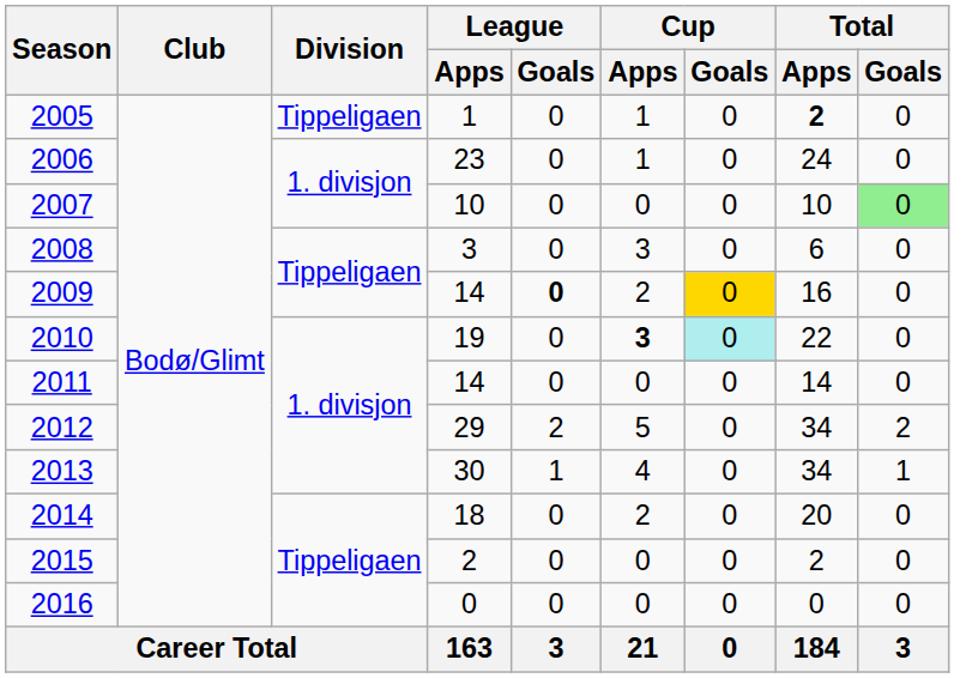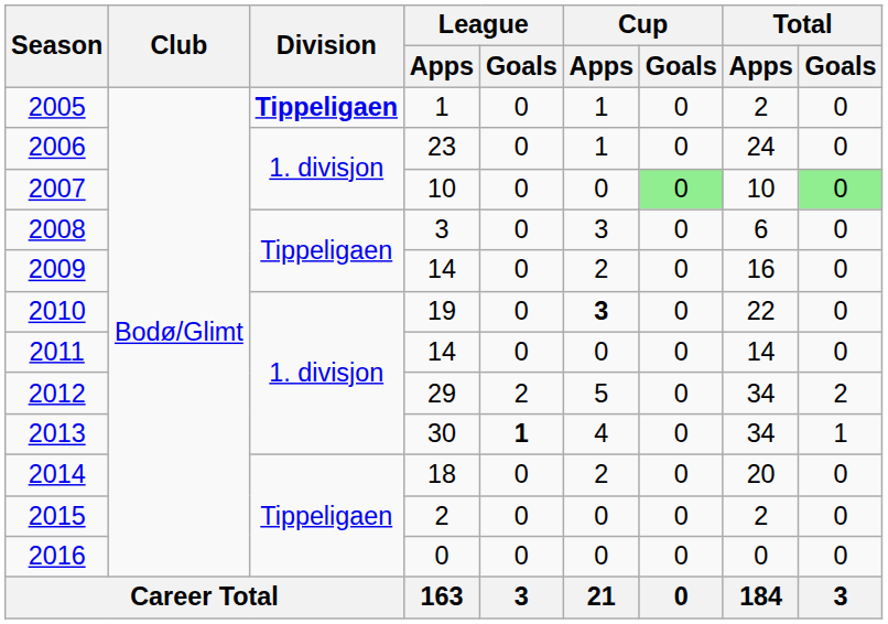 <table class="wikitable" style="text-align: center;">
 <tr>
 <th rowspan="2">Season</th>
 <th rowspan="2">Club</th>
 <th rowspan="2">Division</th>
 <th colspan="2">League</th>
 <th colspan="2">Cup</th>
 <th colspan="2">Total</th>
 </tr>
 <tr>
 <th>Apps</th>
 <th>Goals</th>
 <th>Apps</th>
 <th>Goals</th>
 <th>Apps</th>
 <th>Goals</th>
 </tr>
 <tr>
 <td><a href='#'>2005</a></td>
 <td rowspan="12" valign="center"><a href='#'>Bodø/Glimt</a></td>
-<td rowspan="1" valign="center"><a href='#'>Tippeligaen</a></td>
+<td rowspan="1" valign="center"><strong><a href='#'>Tippeligaen</a></strong></td>
 <td>1</td>
 <td>0</td>
 <td>1</td>
 <td>0</td>
-<td><strong>2</strong></td>
+<td>2</td>
 <td>0</td>
 </tr>
 <tr>
 <td><a href='#'>2006</a></td>
 <td rowspan="2" valign="center"><a href='#'>1. divisjon</a></td>
 <td>23</td>
 <td>0</td>
 <td>1</td>
 <td>0</td>
 <td>24</td>
 <td>0</td>
 </tr>
 <tr>
 <td><a href='#'>2007</a></td>
 <td>10</td>
 <td>0</td>
 <td>0</td>
-<td>0</td>
+<td style="background: lightgreen;">0</td>
 <td>10</td>
 <td style="background: lightgreen;">0</td>
 </tr>
 <tr>
 <td><a href='#'>2008</a></td>
 <td rowspan="2" valign="center"><a href='#'>Tippeligaen</a></td>
 <td>3</td>
 <td>0</td>
 <td>3</td>
 <td>0</td>
 <td>6</td>
 <td>0</td>
 </tr>
 <tr>
 <td><a href='#'>2009</a></td>
 <td>14</td>
-<td><strong>0</strong></td>
+<td>0</td>
 <td>2</td>
-<td style="background: gold;">0</td>
+<td>0</td>
 <td>16</td>
 <td>0</td>
 </tr>
 <tr>
 <td><a href='#'>2010</a></td>
 <td rowspan="4" valign="center"><a href='#'>1. divisjon</a></td>
 <td>19</td>
 <td>0</td>
 <td><strong>3</strong></td>
-<td style="background: paleturquoise;">0</td>
+<td>0</td>
 <td>22</td>
 <td>0</td>
 </tr>
 <tr>
 <td><a href='#'>2011</a></td>
 <td>14</td>
 <td>0</td>
 <td>0</td>
 <td>0</td>
 <td>14</td>
 <td>0</td>
 </tr>
 <tr>
 <td><a href='#'>2012</a></td>
 <td>29</td>
 <td>2</td>
 <td>5</td>
 <td>0</td>
 <td>34</td>
 <td>2</td>
 </tr>
 <tr>
 <td><a href='#'>2013</a></td>
 <td>30</td>
-<td>1</td>
+<td><strong>1</strong></td>
 <td>4</td>
 <td>0</td>
 <td>34</td>
 <td>1</td>
 </tr>
 <tr>
 <td><a href='#'>2014</a></td>
 <td rowspan="3" valign="center"><a href='#'>Tippeligaen</a></td>
 <td>18</td>
 <td>0</td>
 <td>2</td>
 <td>0</td>
 <td>20</td>
 <td>0</td>
 </tr>
 <tr>
 <td><a href='#'>2015</a></td>
 <td>2</td>
 <td>0</td>
 <td>0</td>
 <td>0</td>
 <td>2</td>
 <td>0</td>
 </tr>
 <tr>
 <td><a href='#'>2016</a></td>
 <td>0</td>
 <td>0</td>
 <td>0</td>
 <td>0</td>
 <td>0</td>
 <td>0</td>
 </tr>
 <tr>
 <th colspan="3">Career Total</th>
 <th>163</th>
 <th>3</th>
 <th>21</th>
 <th>0</th>
 <th>184</th>
 <th>3</th>
 </tr>
 </table>
